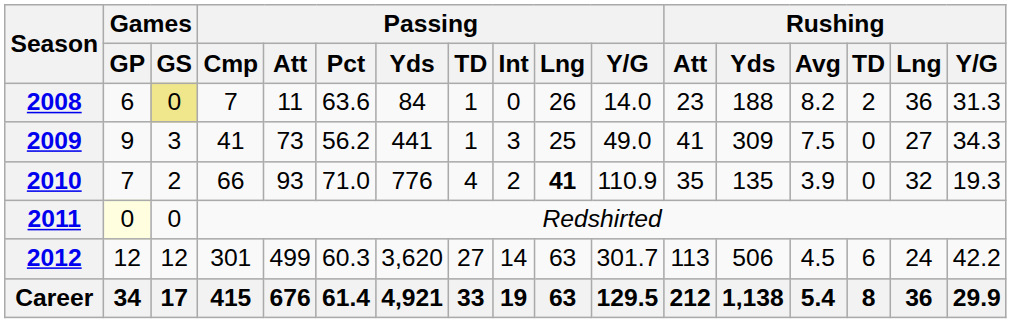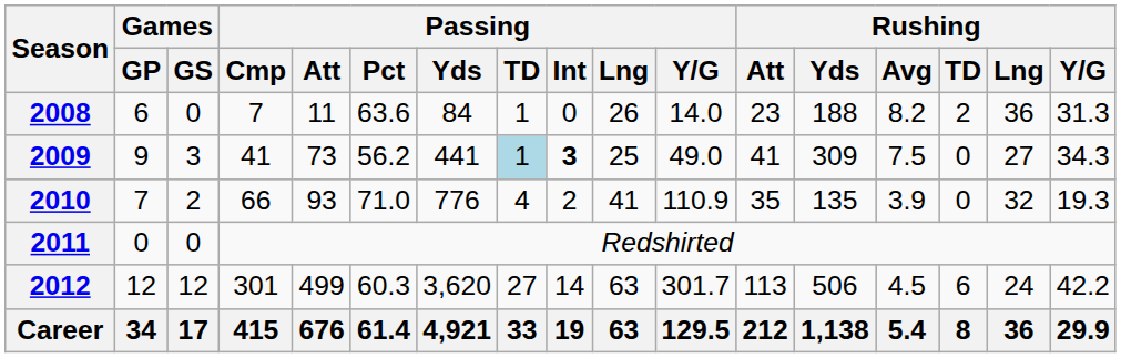 <table class=wikitable style="text-align:center;">
 <tr>
 <th rowspan="2">Season</th>
 <th colspan="2">Games</th>
 <th colspan="8">Passing</th>
 <th colspan="6">Rushing</th>
 </tr>
 <tr>
 <th>GP</th>
 <th>GS</th>
 <th>Cmp</th>
 <th>Att</th>
 <th>Pct</th>
 <th>Yds</th>
 <th>TD</th>
 <th>Int</th>
 <th>Lng</th>
 <th>Y/G</th>
 <th>Att</th>
 <th>Yds</th>
 <th>Avg</th>
 <th>TD</th>
 <th>Lng</th>
 <th>Y/G</th>
 </tr>
 <tr>
 <th><a href='#'>2008</a></th>
 <td>6</td>
-<td style="background: khaki;">0</td>
+<td>0</td>
 <td>7</td>
 <td>11</td>
 <td>63.6</td>
 <td>84</td>
 <td>1</td>
 <td>0</td>
 <td>26</td>
 <td>14.0</td>
 <td>23</td>
 <td>188</td>
 <td>8.2</td>
 <td>2</td>
 <td>36</td>
 <td>31.3</td>
 </tr>
 <tr>
 <th><a href='#'>2009</a></th>
 <td>9</td>
 <td>3</td>
 <td>41</td>
 <td>73</td>
 <td>56.2</td>
 <td>441</td>
-<td>1</td>
-<td>3</td>
+<td style="background: lightblue;">1</td>
+<td><strong>3</strong></td>
 <td>25</td>
 <td>49.0</td>
 <td>41</td>
 <td>309</td>
 <td>7.5</td>
 <td>0</td>
 <td>27</td>
 <td>34.3</td>
 </tr>
 <tr>
 <th><a href='#'>2010</a></th>
 <td>7</td>
 <td>2</td>
 <td>66</td>
 <td>93</td>
 <td>71.0</td>
 <td>776</td>
 <td>4</td>
 <td>2</td>
-<td><strong>41</strong></td>
+<td>41</td>
 <td>110.9</td>
 <td>35</td>
 <td>135</td>
 <td>3.9</td>
 <td>0</td>
 <td>32</td>
 <td>19.3</td>
 </tr>
 <tr>
 <th><a href='#'>2011</a></th>
-<td style="background: lightyellow;">0</td>
+<td>0</td>
 <td>0</td>
 <td colspan="14"><em>Redshirted</em></td>
 </tr>
 <tr>
 <th><a href='#'>2012</a></th>
 <td>12</td>
 <td>12</td>
 <td>301</td>
 <td>499</td>
 <td>60.3</td>
 <td>3,620</td>
 <td>27</td>
 <td>14</td>
 <td>63</td>
 <td>301.7</td>
 <td>113</td>
 <td>506</td>
 <td>4.5</td>
 <td>6</td>
 <td>24</td>
 <td>42.2</td>
 </tr>
 <tr>
 <th>Career</th>
 <th>34</th>
 <th>17</th>
 <th>415</th>
 <th>676</th>
 <th>61.4</th>
 <th>4,921</th>
 <th>33</th>
 <th>19</th>
 <th>63</th>
 <th>129.5</th>
 <th>212</th>
 <th>1,138</th>
 <th>5.4</th>
 <th>8</th>
 <th>36</th>
 <th>29.9</th>
 </tr>
 </table>
